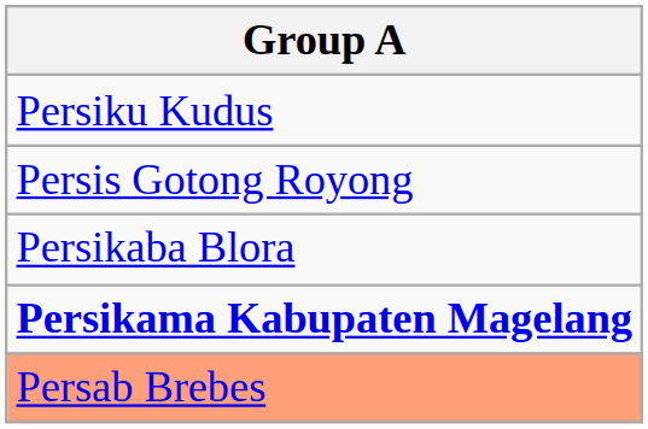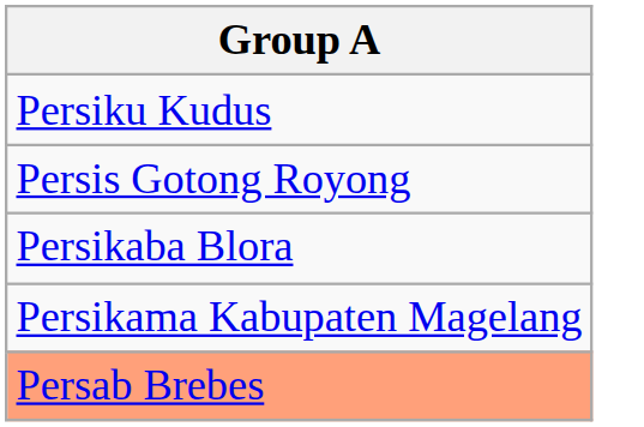 <table class="wikitable">
 <tr>
 <th><strong>Group A</strong></th>
 </tr>
 <tr>
 <td><a href='#'>Persiku Kudus</a></td>
 </tr>
 <tr>
 <td><a href='#'>Persis Gotong Royong</a></td>
 </tr>
 <tr>
 <td><a href='#'>Persikaba Blora</a></td>
 </tr>
 <tr>
-<td><strong><a href='#'>Persikama Kabupaten Magelang</a></strong></td>
+<td><a href='#'>Persikama Kabupaten Magelang</a></td>
 </tr>
 <tr>
 <td style="background: lightsalmon;"><a href='#'>Persab Brebes</a></td>
 </tr>
 </table>
